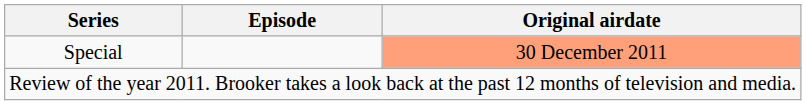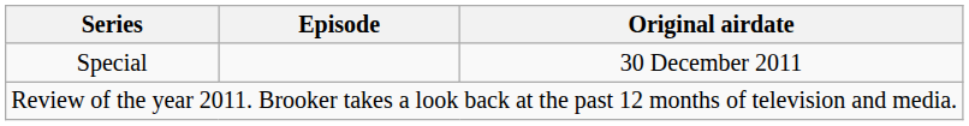 <table class="wikitable" style="text-align:center">
 <tr>
 <th>Series</th>
 <th>Episode</th>
 <th>Original airdate</th>
 </tr>
 <tr>
 <td>Special</td>
 <td></td>
-<td style="background: lightsalmon;">30 December 2011</td>
+<td>30 December 2011</td>
 </tr>
 <tr>
 <td colspan="3" align="left">Review of the year 2011. Brooker takes a look back at the past 12 months of television and media.</td>
 </tr>
 </table>
